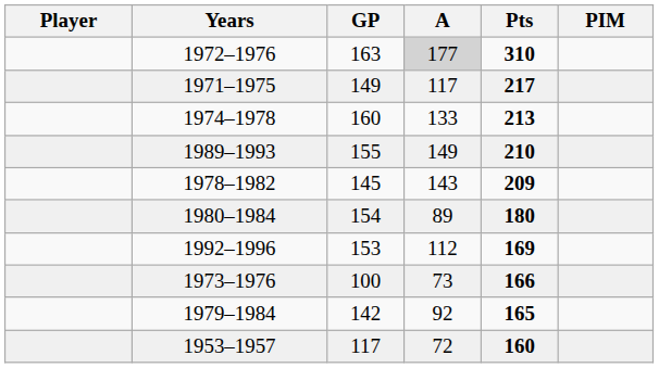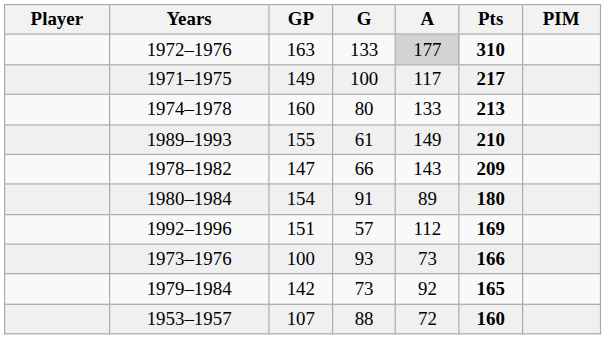 <table class="wikitable sortable" style="text-align:center" width=40%>
 <tr>
 <th>Player</th>
 <th>Years</th>
 <th>GP</th>
+<th>G</th>
 <th>A</th>
 <th>Pts</th>
 <th>PIM</th>
 </tr>
 <tr>
 <td></td>
 <td>1972–1976</td>
 <td>163</td>
+<td>133</td>
 <td style="background: lightgrey;">177</td>
 <td><strong>310</strong></td>
 <td></td>
 </tr>
 <tr bgcolor="f0f0f0">
 <td></td>
 <td>1971–1975</td>
 <td>149</td>
+<td>100</td>
 <td>117</td>
 <td><strong>217</strong></td>
 <td></td>
 </tr>
 <tr>
 <td></td>
 <td>1974–1978</td>
 <td>160</td>
+<td>80</td>
 <td>133</td>
 <td><strong>213</strong></td>
 <td></td>
 </tr>
 <tr bgcolor="f0f0f0">
 <td></td>
 <td>1989–1993</td>
 <td>155</td>
+<td>61</td>
 <td>149</td>
 <td><strong>210</strong></td>
 <td></td>
 </tr>
 <tr>
 <td></td>
 <td>1978–1982</td>
-<td>145</td>
+<td>147</td>
+<td>66</td>
 <td>143</td>
 <td><strong>209</strong></td>
 <td></td>
 </tr>
 <tr bgcolor="f0f0f0">
 <td></td>
 <td>1980–1984</td>
 <td>154</td>
+<td>91</td>
 <td>89</td>
 <td><strong>180</strong></td>
 <td></td>
 </tr>
 <tr>
 <td></td>
 <td>1992–1996</td>
-<td>153</td>
+<td>151</td>
+<td>57</td>
 <td>112</td>
 <td><strong>169</strong></td>
 <td></td>
 </tr>
 <tr bgcolor="f0f0f0">
 <td></td>
 <td>1973–1976</td>
 <td>100</td>
+<td>93</td>
 <td>73</td>
 <td><strong>166</strong></td>
 <td></td>
 </tr>
 <tr>
 <td></td>
 <td>1979–1984</td>
 <td>142</td>
+<td>73</td>
 <td>92</td>
 <td><strong>165</strong></td>
 <td></td>
 </tr>
 <tr bgcolor="f0f0f0">
 <td></td>
 <td>1953–1957</td>
-<td>117</td>
+<td>107</td>
+<td>88</td>
 <td>72</td>
 <td><strong>160</strong></td>
 <td></td>
 </tr>
 </table>
